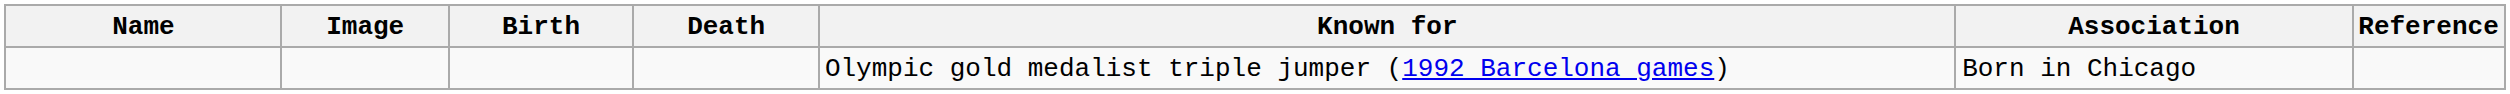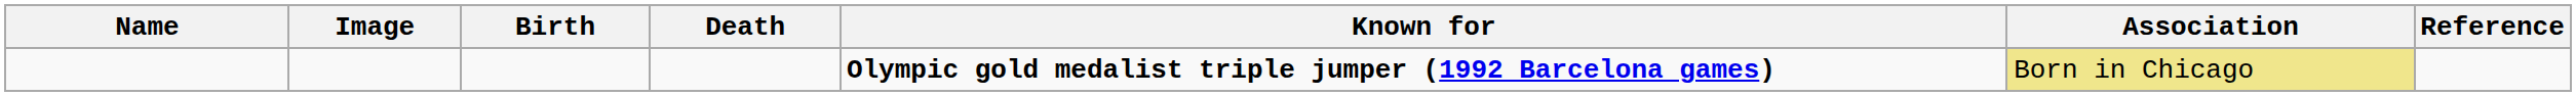 <table class="wikitable sortable">
 <tr>
 <th scope="col" width="140">Name</th>
 <th scope="col" width="80" class="unsortable">Image</th>
 <th scope="col" width="90">Birth</th>
 <th scope="col" width="90">Death</th>
 <th scope="col" width="600" class="unsortable">Known for</th>
 <th scope="col" width="200" class="unsortable">Association</th>
 <th scope="col" width="30" class="unsortable">Reference</th>
 </tr>
 <tr>
 <td></td>
 <td></td>
 <td align=right></td>
 <td></td>
-<td>Olympic gold medalist triple jumper (<a href='#'>1992 Barcelona games</a>)</td>
-<td>Born in Chicago</td>
+<td><strong>Olympic gold medalist triple jumper (<a href='#'>1992 Barcelona games</a>)</strong></td>
+<td style="background: khaki;">Born in Chicago</td>
 <td align="center"></td>
 </tr>
 <tr>
 </tr>
 </table>
